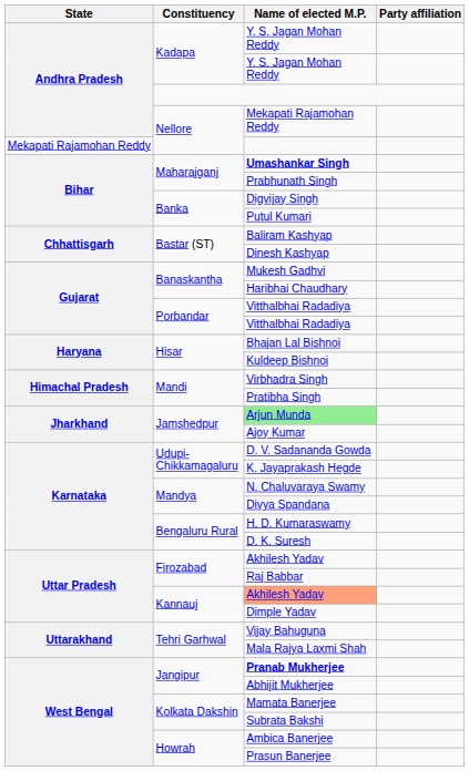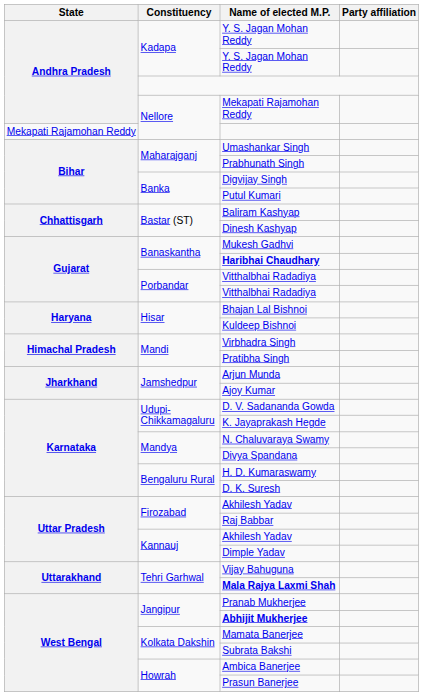 <table class="sortable wikitable">
 <tr>
 <th>State</th>
 <th style="width:120px">Constituency</th>
 <th style="width:180px">Name of elected M.P.</th>
 <th colspan="2">Party affiliation</th>
 </tr>
 <tr>
 <th rowspan="4"><a href='#'>Andhra Pradesh</a></th>
 <td rowspan="2"><a href='#'>Kadapa</a></td>
 <td><a href='#'>Y. S. Jagan Mohan Reddy</a><br></td>
 <td></td>
 </tr>
 <tr>
 <td><a href='#'>Y. S. Jagan Mohan Reddy</a><br></td>
 <td></td>
 </tr>
 <tr style="text-align:center; height:30px;">
 </tr>
 <tr>
 <td rowspan="2"><a href='#'>Nellore</a></td>
 <td><a href='#'>Mekapati Rajamohan Reddy</a><br></td>
 <td></td>
 </tr>
 <tr>
 <td><a href='#'>Mekapati Rajamohan Reddy</a><br></td>
 <td></td>
 </tr>
 <tr>
 <th rowspan="4"><a href='#'>Bihar</a></th>
 <td rowspan="2"><a href='#'>Maharajganj</a></td>
-<td><strong><a href='#'>Umashankar Singh</a><br></strong></td>
+<td><a href='#'>Umashankar Singh</a><br></td>
 <td></td>
 </tr>
 <tr>
 <td><a href='#'>Prabhunath Singh</a><br></td>
 <td></td>
 </tr>
 <tr>
 <td rowspan="2"><a href='#'>Banka</a></td>
 <td><a href='#'>Digvijay Singh</a><br></td>
 <td></td>
 </tr>
 <tr>
 <td><a href='#'>Putul Kumari</a><br></td>
 <td></td>
 </tr>
 <tr>
 <th rowspan="2"><a href='#'>Chhattisgarh</a></th>
 <td rowspan="2"><a href='#'>Bastar</a> (ST)</td>
 <td><a href='#'>Baliram Kashyap</a><br></td>
 <td></td>
 </tr>
 <tr>
 <td><a href='#'>Dinesh Kashyap</a><br></td>
 <td></td>
 </tr>
 <tr>
 <th rowspan="4"><a href='#'>Gujarat</a></th>
 <td rowspan="2"><a href='#'>Banaskantha</a></td>
 <td><a href='#'>Mukesh Gadhvi</a><br></td>
 <td></td>
 </tr>
 <tr>
-<td><a href='#'>Haribhai Chaudhary</a><br></td>
+<td><strong><a href='#'>Haribhai Chaudhary</a><br></strong></td>
 <td></td>
 </tr>
 <tr>
 <td rowspan="2"><a href='#'>Porbandar</a></td>
 <td><a href='#'>Vitthalbhai Radadiya</a><br></td>
 <td></td>
 </tr>
 <tr>
 <td><a href='#'>Vitthalbhai Radadiya</a><br></td>
 <td></td>
 </tr>
 <tr>
 <th rowspan="2"><a href='#'>Haryana</a></th>
 <td rowspan="2"><a href='#'>Hisar</a></td>
 <td><a href='#'>Bhajan Lal Bishnoi</a><br></td>
 <td></td>
 </tr>
 <tr>
 <td><a href='#'>Kuldeep Bishnoi</a><br></td>
 <td></td>
 </tr>
 <tr>
 <th rowspan="2"><a href='#'>Himachal Pradesh</a></th>
 <td rowspan="2"><a href='#'>Mandi</a></td>
 <td><a href='#'>Virbhadra Singh</a><br></td>
 <td></td>
 </tr>
 <tr>
 <td><a href='#'>Pratibha Singh</a><br></td>
 <td></td>
 </tr>
 <tr>
 <th rowspan="2"><a href='#'>Jharkhand</a></th>
 <td rowspan="2"><a href='#'>Jamshedpur</a></td>
-<td style="background: lightgreen;"><a href='#'>Arjun Munda</a><br></td>
+<td><a href='#'>Arjun Munda</a><br></td>
 <td></td>
 </tr>
 <tr>
 <td><a href='#'>Ajoy Kumar</a><br></td>
 <td></td>
 </tr>
 <tr>
 <th rowspan="6"><a href='#'>Karnataka</a></th>
 <td rowspan="2"><a href='#'>Udupi-Chikkamagaluru</a></td>
 <td><a href='#'>D. V. Sadananda Gowda</a><br></td>
 <td></td>
 </tr>
 <tr>
 <td><a href='#'>K. Jayaprakash Hegde</a><br></td>
 <td></td>
 </tr>
 <tr>
 <td rowspan="2"><a href='#'>Mandya</a></td>
 <td><a href='#'>N. Chaluvaraya Swamy</a><br></td>
 <td></td>
 </tr>
 <tr>
 <td><a href='#'>Divya Spandana</a><br></td>
 <td></td>
 </tr>
 <tr>
 <td rowspan="2"><a href='#'>Bengaluru Rural</a></td>
 <td><a href='#'>H. D. Kumaraswamy</a><br></td>
 <td></td>
 </tr>
 <tr>
 <td><a href='#'>D. K. Suresh</a><br></td>
 <td></td>
 </tr>
 <tr>
 <th rowspan="4"><a href='#'>Uttar Pradesh</a></th>
 <td rowspan="2"><a href='#'>Firozabad</a></td>
 <td><a href='#'>Akhilesh Yadav</a><br></td>
 <td></td>
 </tr>
 <tr>
 <td><a href='#'>Raj Babbar</a><br></td>
 <td></td>
 </tr>
 <tr>
 <td rowspan="2"><a href='#'>Kannauj</a></td>
-<td style="background: lightsalmon;"><a href='#'>Akhilesh Yadav</a><br></td>
+<td><a href='#'>Akhilesh Yadav</a><br></td>
 <td></td>
 </tr>
 <tr>
 <td><a href='#'>Dimple Yadav</a><br></td>
 <td></td>
 </tr>
 <tr>
 <th rowspan="2"><a href='#'>Uttarakhand</a></th>
 <td rowspan="2"><a href='#'>Tehri Garhwal</a></td>
 <td><a href='#'>Vijay Bahuguna</a><br></td>
 <td></td>
 </tr>
 <tr>
-<td><a href='#'>Mala Rajya Laxmi Shah</a><br></td>
+<td><strong><a href='#'>Mala Rajya Laxmi Shah</a><br></strong></td>
 <td></td>
 </tr>
 <tr>
 <th rowspan="6"><a href='#'>West Bengal</a></th>
 <td rowspan="2"><a href='#'>Jangipur</a></td>
-<td><strong><a href='#'>Pranab Mukherjee</a><br></strong></td>
+<td><a href='#'>Pranab Mukherjee</a><br></td>
 <td></td>
 </tr>
 <tr>
-<td><a href='#'>Abhijit Mukherjee</a><br></td>
+<td><strong><a href='#'>Abhijit Mukherjee</a><br></strong></td>
 <td></td>
 </tr>
 <tr>
 <td rowspan="2"><a href='#'>Kolkata Dakshin</a></td>
 <td><a href='#'>Mamata Banerjee</a><br></td>
 <td></td>
 </tr>
 <tr>
 <td><a href='#'>Subrata Bakshi</a><br></td>
 <td></td>
 </tr>
 <tr>
 <td rowspan="2"><a href='#'>Howrah</a></td>
 <td><a href='#'>Ambica Banerjee</a><br></td>
 <td></td>
 </tr>
 <tr>
 <td><a href='#'>Prasun Banerjee</a><br></td>
 <td></td>
 </tr>
 </table>
